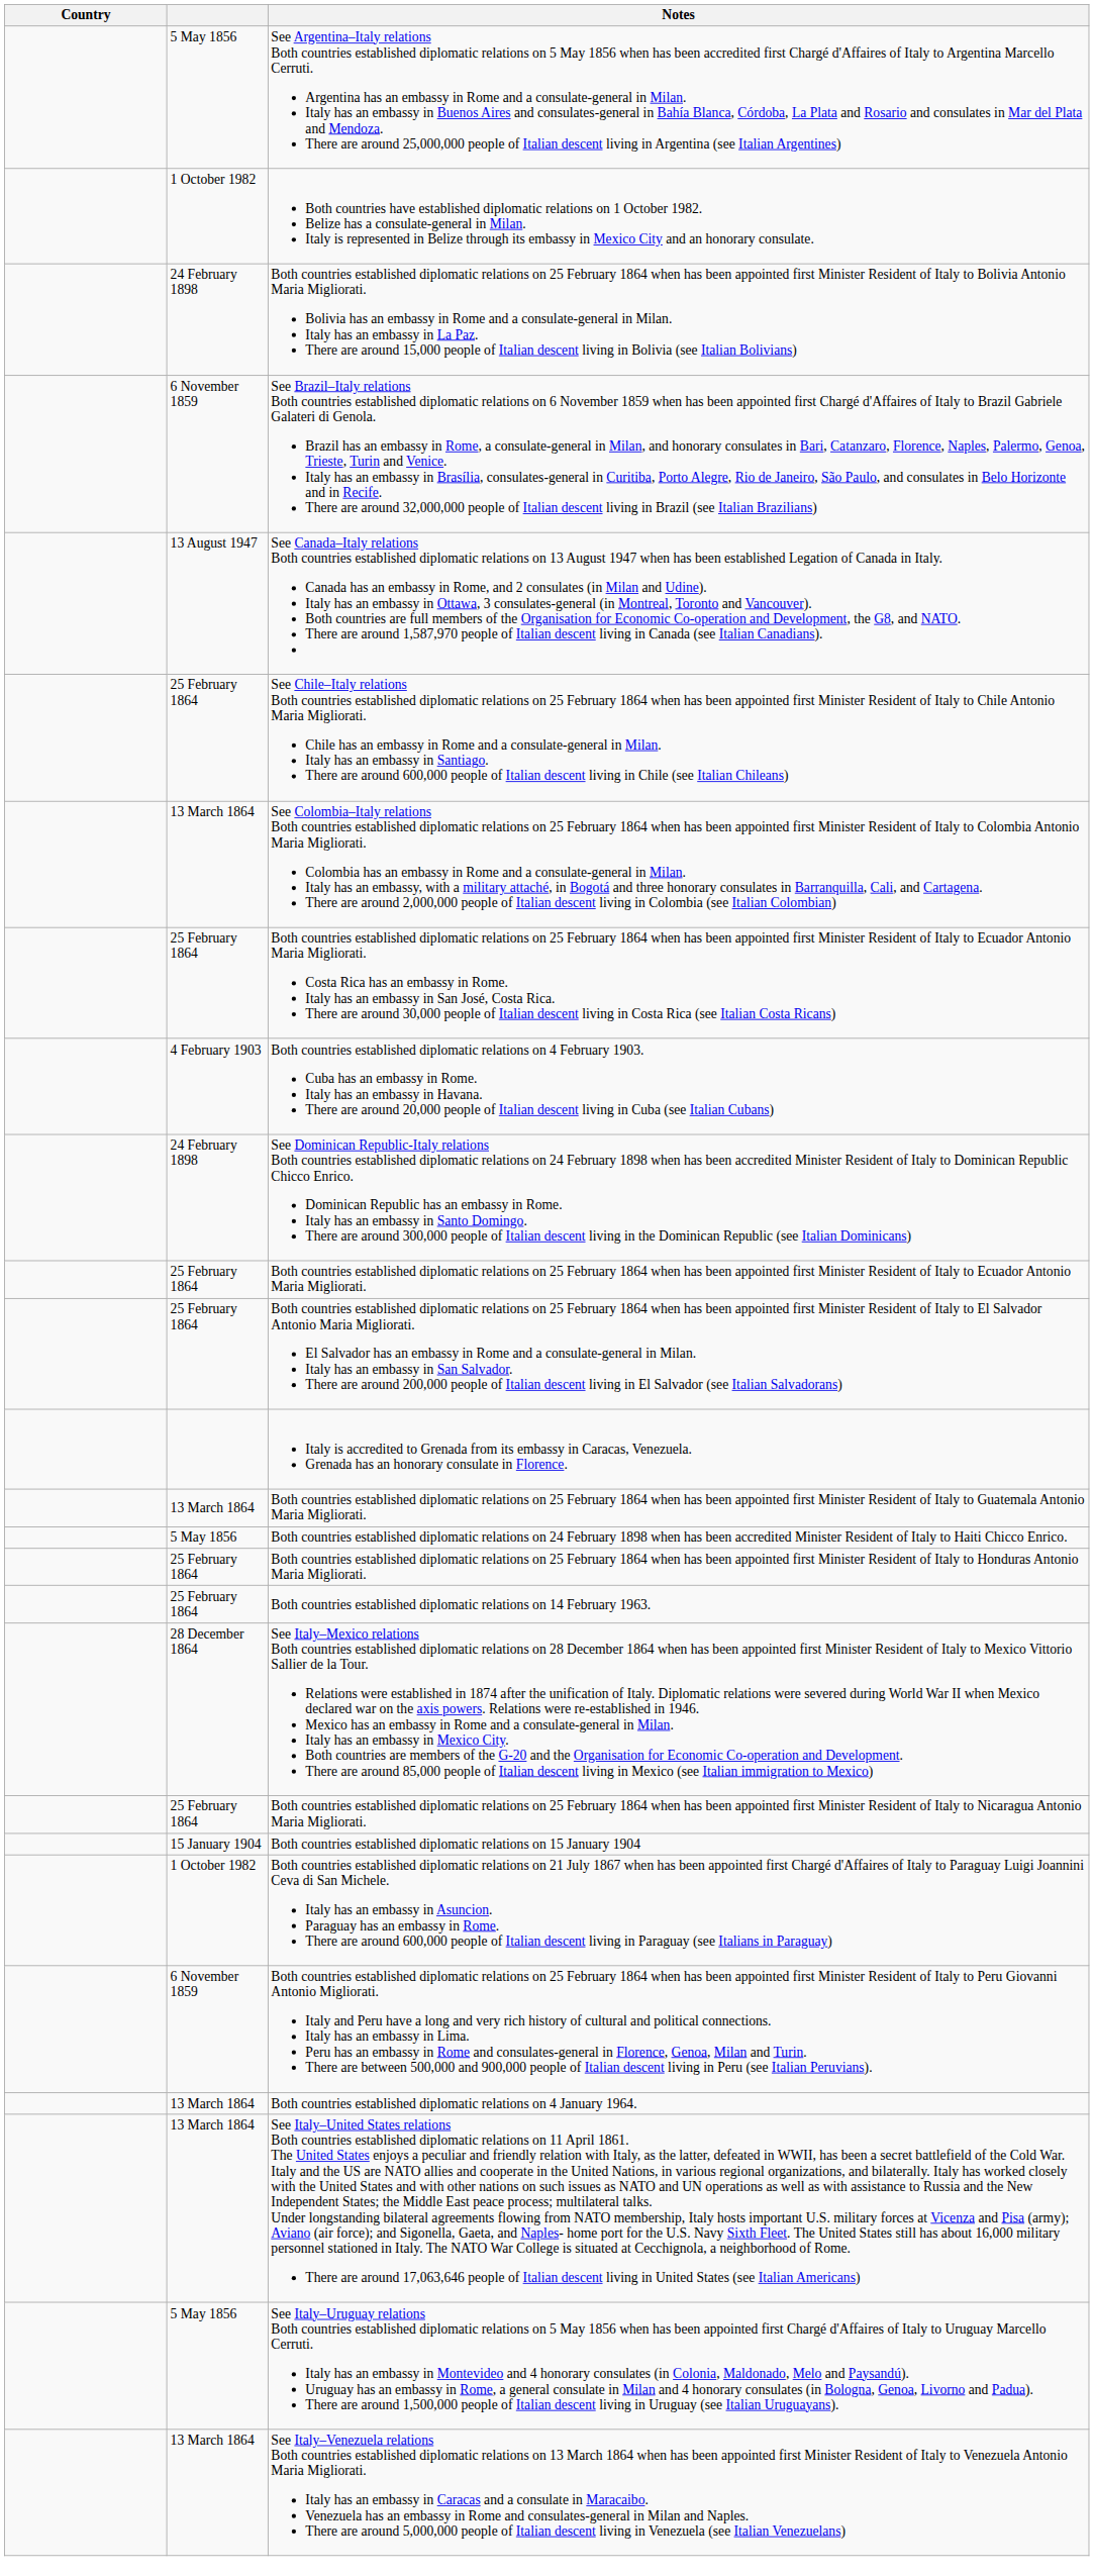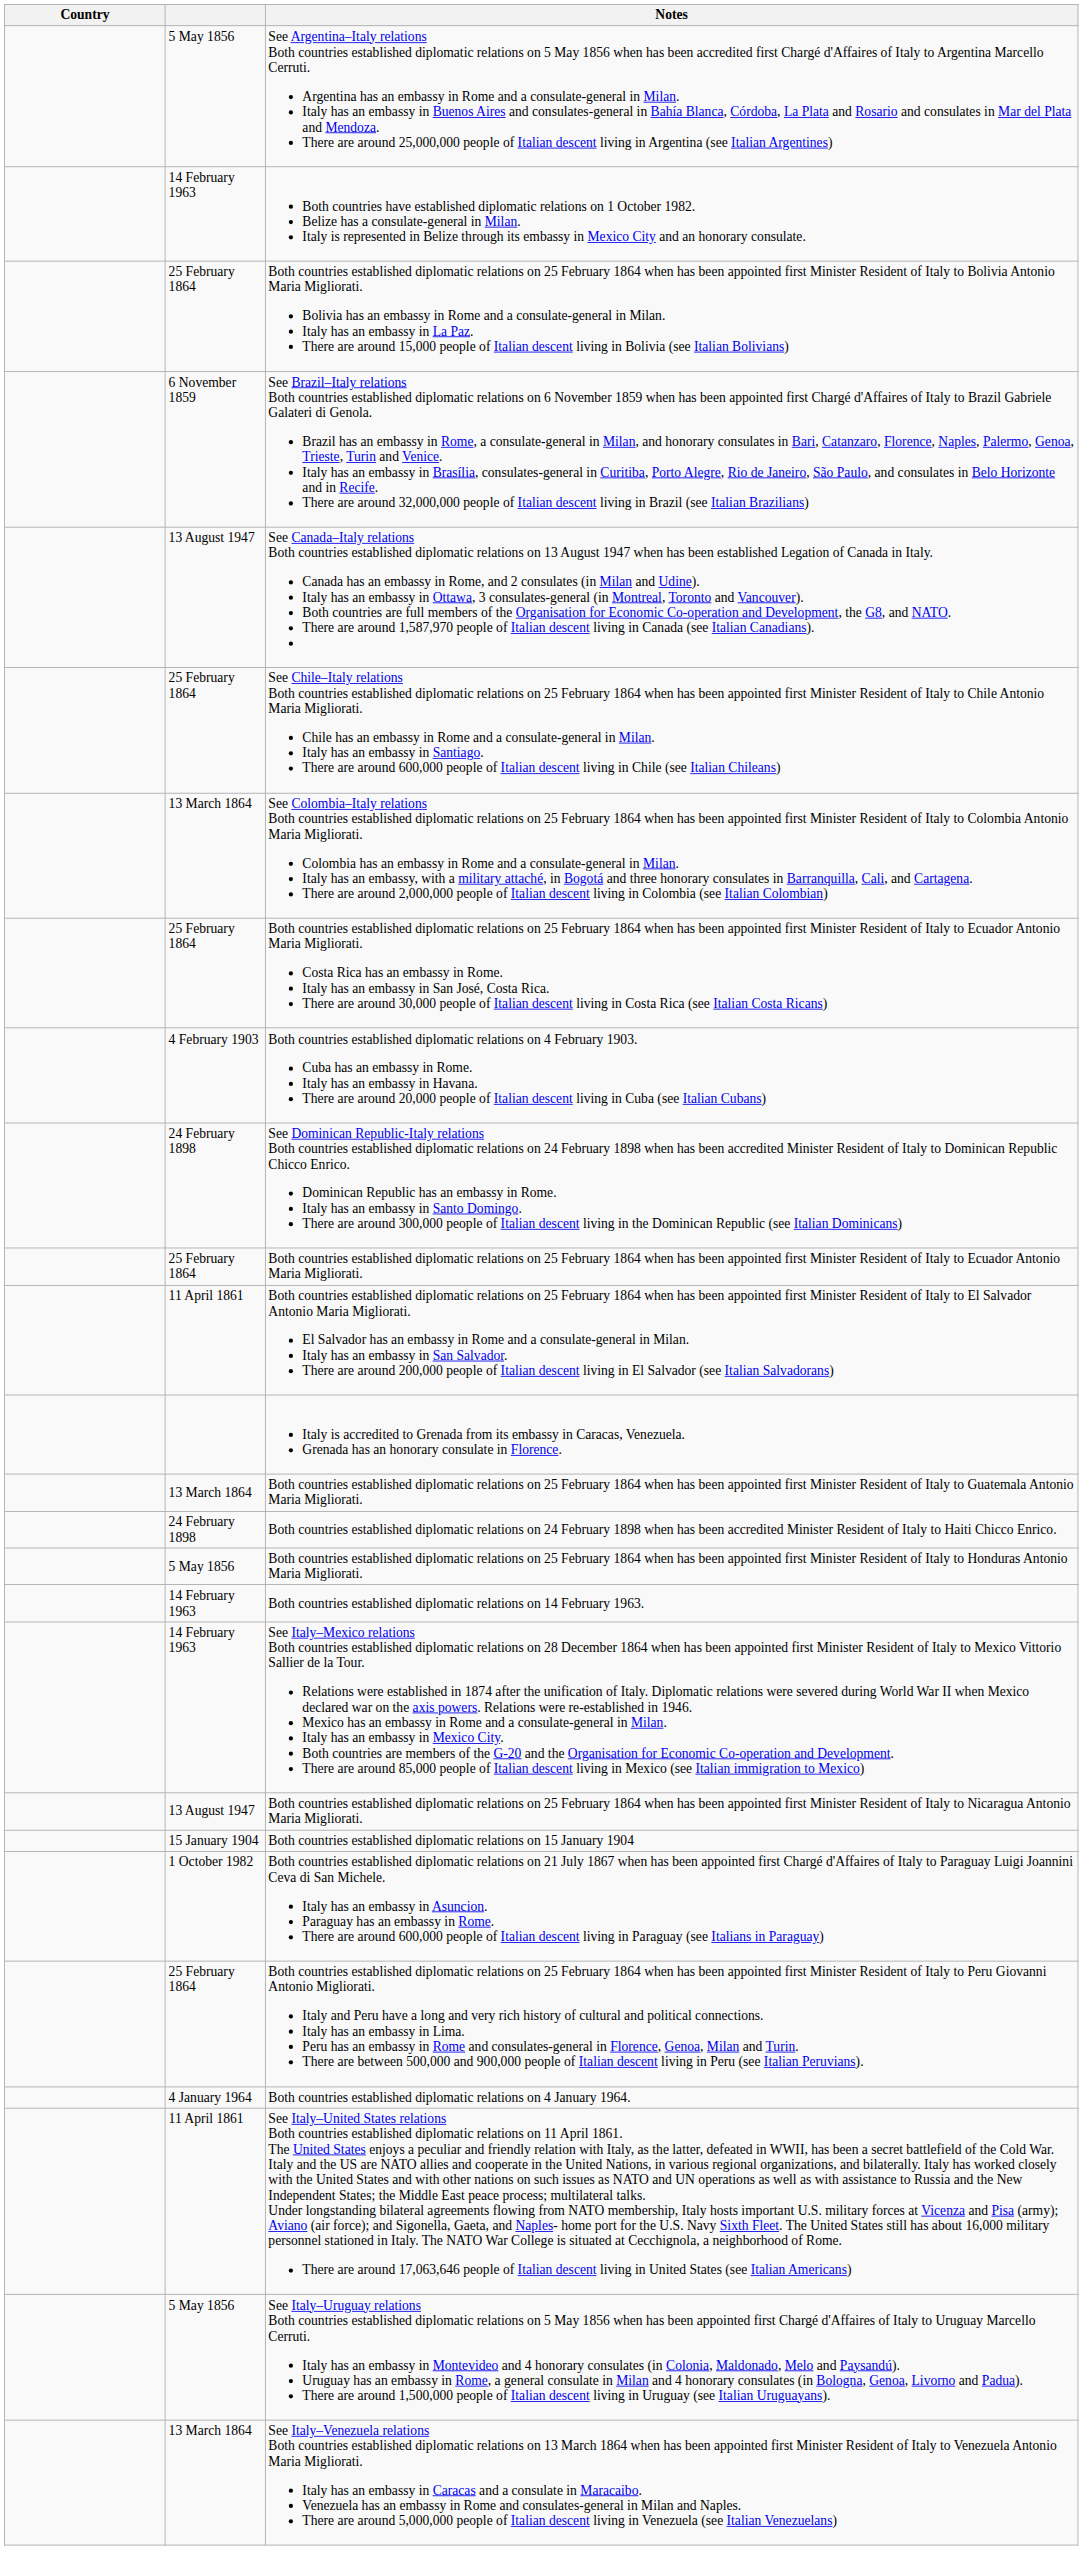 <table class="wikitable sortable" style="width:100%; margin:auto;">
 <tr>
 <th style="width:15%;">Country</th>
 <th style="width:110px;"></th>
 <th>Notes</th>
 </tr>
 <tr valign="top">
 <td></td>
 <td>5 May 1856</td>
 <td>See <a href='#'>Argentina–Italy relations</a><br>Both countries established diplomatic relations on 5 May 1856 when has been accredited first Chargé d'Affaires of Italy to Argentina Marcello Cerruti.<ul><li>Argentina has an embassy in Rome and a consulate-general in <a href='#'>Milan</a>.</li><li>Italy has an embassy in <a href='#'>Buenos Aires</a> and consulates-general in <a href='#'>Bahía Blanca</a>, <a href='#'>Córdoba</a>, <a href='#'>La Plata</a> and <a href='#'>Rosario</a> and consulates in <a href='#'>Mar del Plata</a> and <a href='#'>Mendoza</a>.</li><li>There are around 25,000,000 people of <a href='#'>Italian descent</a> living in Argentina (see <a href='#'>Italian Argentines</a>)</li></ul></td>
 </tr>
 <tr valign="top">
 <td></td>
-<td data-sort-value="1982-10-01">1 October 1982</td>
+<td>14 February 1963</td>
 <td><br><ul><li>Both countries have established diplomatic relations on 1 October 1982.</li><li>Belize has a consulate-general in <a href='#'>Milan</a>.</li><li>Italy is represented in Belize through its embassy in <a href='#'>Mexico City</a> and an honorary consulate.</li></ul></td>
 </tr>
 <tr valign="top">
 <td></td>
-<td>24 February 1898</td>
+<td>25 February 1864</td>
 <td>Both countries established diplomatic relations on 25 February 1864 when has been appointed first Minister Resident of Italy to Bolivia Antonio Maria Migliorati.<br><ul><li>Bolivia has an embassy in Rome and a consulate-general in Milan.</li><li>Italy has an embassy in <a href='#'>La Paz</a>.</li><li>There are around 15,000 people of <a href='#'>Italian descent</a> living in Bolivia (see <a href='#'>Italian Bolivians</a>)</li></ul></td>
 </tr>
 <tr valign="top">
 <td></td>
 <td>6 November 1859</td>
 <td>See <a href='#'>Brazil–Italy relations</a><br>Both countries established diplomatic relations on 6 November 1859 when has been appointed first Chargé d'Affaires of Italy to Brazil Gabriele Galateri di Genola.<ul><li>Brazil has an embassy in <a href='#'>Rome</a>, a consulate-general in <a href='#'>Milan</a>, and honorary consulates in <a href='#'>Bari</a>, <a href='#'>Catanzaro</a>, <a href='#'>Florence</a>, <a href='#'>Naples</a>, <a href='#'>Palermo</a>, <a href='#'>Genoa</a>, <a href='#'>Trieste</a>, <a href='#'>Turin</a> and <a href='#'>Venice</a>.</li><li>Italy has an embassy in <a href='#'>Brasília</a>, consulates-general in  <a href='#'>Curitiba</a>, <a href='#'>Porto Alegre</a>, <a href='#'>Rio de Janeiro</a>, <a href='#'>São Paulo</a>, and consulates in  <a href='#'>Belo Horizonte</a> and in <a href='#'>Recife</a>.</li><li>There are around 32,000,000 people of <a href='#'>Italian descent</a> living in Brazil (see <a href='#'>Italian Brazilians</a>)</li></ul></td>
 </tr>
 <tr valign="top">
 <td></td>
 <td>13 August 1947</td>
 <td>See <a href='#'>Canada–Italy relations</a><br>Both countries established diplomatic relations on 13 August 1947 when has been established Legation of Canada in Italy.<ul><li>Canada has an embassy in Rome, and 2 consulates (in <a href='#'>Milan</a> and <a href='#'>Udine</a>).</li><li>Italy has an embassy in <a href='#'>Ottawa</a>, 3 consulates-general (in <a href='#'>Montreal</a>, <a href='#'>Toronto</a> and <a href='#'>Vancouver</a>).</li><li>Both countries are full members of the <a href='#'>Organisation for Economic Co-operation and Development</a>, the <a href='#'>G8</a>, and <a href='#'>NATO</a>.</li><li>There are around 1,587,970 people of <a href='#'>Italian descent</a> living in Canada (see <a href='#'>Italian Canadians</a>).</li><li></li></ul></td>
 </tr>
 <tr valign="top">
 <td></td>
 <td>25 February 1864</td>
 <td>See <a href='#'>Chile–Italy relations</a><br>Both countries established diplomatic relations on 25 February 1864 when has been appointed first Minister Resident of Italy to Chile Antonio Maria Migliorati.<ul><li>Chile has an embassy in Rome and a consulate-general in <a href='#'>Milan</a>.</li><li>Italy has an embassy in <a href='#'>Santiago</a>.</li><li>There are around 600,000 people of <a href='#'>Italian descent</a> living in Chile (see <a href='#'>Italian Chileans</a>)</li></ul></td>
 </tr>
 <tr valign="top">
 <td></td>
 <td>13 March 1864</td>
 <td>See <a href='#'>Colombia–Italy relations</a><br>Both countries established diplomatic relations on 25 February 1864 when has been appointed first Minister Resident of Italy to Colombia Antonio Maria Migliorati.<ul><li>Colombia has an embassy in Rome and a consulate-general in <a href='#'>Milan</a>.</li><li>Italy has an embassy, with a <a href='#'>military attaché</a>, in <a href='#'>Bogotá</a> and three honorary consulates in <a href='#'>Barranquilla</a>, <a href='#'>Cali</a>, and <a href='#'>Cartagena</a>.</li><li>There are around 2,000,000 people of <a href='#'>Italian descent</a> living in Colombia (see <a href='#'>Italian Colombian</a>)</li></ul></td>
 </tr>
 <tr valign="top">
 <td></td>
 <td>25 February 1864</td>
 <td>Both countries established diplomatic relations on 25 February 1864 when has been appointed first Minister Resident of Italy to Ecuador Antonio Maria Migliorati.<br><ul><li>Costa Rica has an embassy in Rome.</li><li>Italy has an embassy in San José, Costa Rica.</li><li>There are around 30,000 people of <a href='#'>Italian descent</a> living in Costa Rica (see <a href='#'>Italian Costa Ricans</a>)</li></ul></td>
 </tr>
 <tr valign="top">
 <td></td>
 <td>4 February 1903</td>
 <td>Both countries established diplomatic relations on 4 February 1903.<br><ul><li>Cuba has an embassy in Rome.</li><li>Italy has an embassy in Havana.</li><li>There are around 20,000 people of <a href='#'>Italian descent</a> living in Cuba (see <a href='#'>Italian Cubans</a>)</li></ul></td>
 </tr>
 <tr valign="top">
 <td></td>
 <td>24 February 1898</td>
 <td>See <a href='#'>Dominican Republic-Italy relations</a><br>Both countries established diplomatic relations on 24 February 1898 when has been accredited Minister Resident of Italy to Dominican Republic Chicco Enrico.<ul><li>Dominican Republic has an embassy in Rome.</li><li>Italy has an embassy in <a href='#'>Santo Domingo</a>.</li><li>There are around 300,000 people of <a href='#'>Italian descent</a> living in the Dominican Republic (see <a href='#'>Italian Dominicans</a>)</li></ul></td>
 </tr>
 <tr>
 <td></td>
 <td>25 February 1864</td>
 <td>Both countries established diplomatic relations on 25 February 1864 when has been appointed first Minister Resident of Italy to Ecuador Antonio Maria Migliorati.</td>
 </tr>
 <tr valign="top">
 <td></td>
-<td>25 February 1864</td>
+<td>11 April 1861</td>
 <td>Both countries established diplomatic relations on 25 February 1864 when has been appointed first Minister Resident of Italy to El Salvador Antonio Maria Migliorati.<br><ul><li>El Salvador has an embassy in Rome and a consulate-general in Milan.</li><li>Italy has an embassy in <a href='#'>San Salvador</a>.</li><li>There are around 200,000 people of <a href='#'>Italian descent</a> living in El Salvador (see <a href='#'>Italian Salvadorans</a>)</li></ul></td>
 </tr>
 <tr valign="top">
 <td></td>
 <td></td>
 <td><br><ul><li>Italy is accredited to Grenada from its embassy in Caracas, Venezuela.</li><li>Grenada has an honorary consulate in <a href='#'>Florence</a>.</li></ul></td>
 </tr>
 <tr>
 <td></td>
 <td>13 March 1864</td>
 <td>Both countries established diplomatic relations on 25 February 1864 when has been appointed first Minister Resident of Italy to Guatemala Antonio Maria Migliorati.</td>
 </tr>
 <tr>
 <td></td>
-<td>5 May 1856</td>
+<td>24 February 1898</td>
 <td>Both countries established diplomatic relations on 24 February 1898 when has been accredited Minister Resident of Italy to Haiti Chicco Enrico.</td>
 </tr>
 <tr>
 <td></td>
-<td>25 February 1864</td>
+<td>5 May 1856</td>
 <td>Both countries established diplomatic relations on 25 February 1864 when has been appointed first Minister Resident of Italy to Honduras Antonio Maria Migliorati.</td>
 </tr>
 <tr>
 <td></td>
-<td>25 February 1864</td>
+<td>14 February 1963</td>
 <td>Both countries established diplomatic relations on 14 February 1963.</td>
 </tr>
 <tr valign="top">
 <td></td>
-<td>28 December 1864</td>
+<td>14 February 1963</td>
 <td>See <a href='#'>Italy–Mexico relations</a><br>Both countries established diplomatic relations on 28 December 1864 when has been appointed first Minister Resident of Italy to Mexico Vittorio Sallier de la Tour.<ul><li>Relations were established in 1874 after the unification of Italy. Diplomatic relations were severed during World War II when Mexico declared war on the <a href='#'>axis powers</a>. Relations were re-established in 1946.</li><li>Mexico has an embassy in Rome and a consulate-general in <a href='#'>Milan</a>.</li><li>Italy has an embassy in <a href='#'>Mexico City</a>.</li><li>Both countries are members of the <a href='#'>G-20</a> and the <a href='#'>Organisation for Economic Co-operation and Development</a>.</li><li>There are around 85,000 people of <a href='#'>Italian descent</a> living in Mexico (see <a href='#'>Italian immigration to Mexico</a>)</li></ul></td>
 </tr>
 <tr>
 <td></td>
-<td>25 February 1864</td>
+<td>13 August 1947</td>
 <td>Both countries established diplomatic relations on 25 February 1864 when has been appointed first Minister Resident of Italy to Nicaragua Antonio Maria Migliorati.</td>
 </tr>
 <tr>
 <td></td>
 <td>15 January 1904</td>
 <td>Both countries established diplomatic relations on 15 January 1904</td>
 </tr>
 <tr valign="top">
 <td></td>
 <td data-sort-value="1982-10-01">1 October 1982</td>
 <td>Both countries established diplomatic relations on 21 July 1867 when has been appointed first Chargé d'Affaires of Italy to Paraguay Luigi Joannini Ceva di San Michele.<br><ul><li>Italy has an embassy in <a href='#'>Asuncion</a>.</li><li>Paraguay has an embassy in <a href='#'>Rome</a>.</li><li>There are around 600,000 people of <a href='#'>Italian descent</a> living in Paraguay (see <a href='#'>Italians in Paraguay</a>)</li></ul></td>
 </tr>
 <tr valign="top">
 <td></td>
-<td>6 November 1859</td>
+<td>25 February 1864</td>
 <td>Both countries established diplomatic relations on 25 February 1864 when has been appointed first Minister Resident of Italy to Peru Giovanni Antonio Migliorati.<br><ul><li>Italy and Peru have a long and very rich history of cultural and political connections.</li><li>Italy has an embassy in Lima.</li><li>Peru has an embassy in <a href='#'>Rome</a> and consulates-general in <a href='#'>Florence</a>, <a href='#'>Genoa</a>, <a href='#'>Milan</a> and <a href='#'>Turin</a>.</li><li>There are between 500,000 and 900,000 people of <a href='#'>Italian descent</a> living in Peru (see <a href='#'>Italian Peruvians</a>).</li></ul></td>
 </tr>
 <tr>
 <td></td>
-<td>13 March 1864</td>
+<td>4 January 1964</td>
 <td>Both countries established diplomatic relations on 4 January 1964.</td>
 </tr>
 <tr valign="top">
 <td></td>
-<td>13 March 1864</td>
+<td>11 April 1861</td>
 <td>See <a href='#'>Italy–United States relations</a><br>Both countries established diplomatic relations on 11 April 1861.<br>The <a href='#'>United States</a> enjoys a peculiar and friendly relation with Italy, as the latter, defeated in WWII, has been a secret battlefield of the Cold War. Italy and the US are NATO allies and cooperate in the United Nations, in various regional organizations, and bilaterally. Italy has worked closely with the United States and with other nations on such issues as NATO and UN operations as well as with assistance to Russia and the New Independent States; the Middle East peace process; multilateral talks.<br>Under longstanding bilateral agreements flowing from NATO membership, Italy hosts important U.S. military forces at <a href='#'>Vicenza</a> and <a href='#'>Pisa</a> (army); <a href='#'>Aviano</a> (air force); and Sigonella, Gaeta, and <a href='#'>Naples</a>- home port for the U.S. Navy <a href='#'>Sixth Fleet</a>. The United States still has about 16,000 military personnel stationed in Italy. The NATO War College is situated at Cecchignola, a neighborhood of Rome.<ul><li>There are around 17,063,646 people of <a href='#'>Italian descent</a> living in United States (see <a href='#'>Italian Americans</a>)</li></ul></td>
 </tr>
 <tr valign="top">
 <td></td>
 <td>5 May 1856</td>
 <td>See <a href='#'>Italy–Uruguay relations</a><br>Both countries established diplomatic relations on 5 May 1856 when has been appointed first Chargé d'Affaires of Italy to Uruguay Marcello Cerruti.<ul><li>Italy has an embassy in <a href='#'>Montevideo</a> and 4 honorary consulates (in <a href='#'>Colonia</a>, <a href='#'>Maldonado</a>, <a href='#'>Melo</a> and <a href='#'>Paysandú</a>).</li><li>Uruguay has an embassy in <a href='#'>Rome</a>, a general consulate in <a href='#'>Milan</a> and 4 honorary consulates (in <a href='#'>Bologna</a>, <a href='#'>Genoa</a>, <a href='#'>Livorno</a> and <a href='#'>Padua</a>).</li><li>There are around 1,500,000 people of <a href='#'>Italian descent</a> living in Uruguay (see <a href='#'>Italian Uruguayans</a>).</li></ul></td>
 </tr>
 <tr valign="top">
 <td></td>
 <td>13 March 1864</td>
 <td>See <a href='#'>Italy–Venezuela relations</a><br>Both countries established diplomatic relations on 13 March 1864 when has been appointed first Minister Resident of Italy to Venezuela Antonio Maria Migliorati.<ul><li>Italy has an embassy in <a href='#'>Caracas</a> and a consulate in <a href='#'>Maracaibo</a>.</li><li>Venezuela has an embassy in Rome and consulates-general in Milan and Naples.</li><li>There are around 5,000,000 people of <a href='#'>Italian descent</a> living in Venezuela (see <a href='#'>Italian Venezuelans</a>)</li></ul></td>
 </tr>
 </table>
